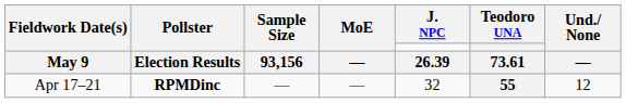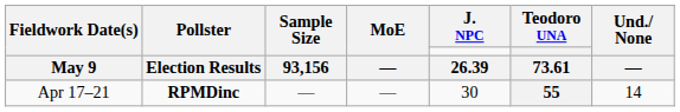 <table class="wikitable" style="text-align:center;font-size:85%;line-height:14px">
 <tr>
 <th rowspan="2">Fieldwork Date(s)</th>
 <th rowspan="2">Pollster</th>
 <th rowspan="2" style="width:60px;">Sample Size</th>
 <th rowspan="2" style="width:60px;">MoE</th>
 <th style="width:60px;">J.<br><a href='#'><small>NPC</small></a></th>
 <th style="width:60px;">Teodoro<br><a href='#'><small>UNA</small></a></th>
 <th rowspan="2" style="width:60px;">Und./<br>None</th>
 </tr>
 <tr>
 <td style="background:"></td>
 <th style="background:"></th>
 </tr>
 <tr>
 <th>May 9</th>
 <th>Election Results</th>
 <th>93,156</th>
 <th>—</th>
 <th>26.39</th>
 <th style="background-color:#">73.61</th>
 <th>—</th>
 </tr>
 <tr>
 <td>Apr 17–21</td>
 <td><strong>RPMDinc</strong></td>
 <td>—</td>
 <td>—</td>
-<td>32</td>
+<td>30</td>
 <th style="background-color:#">55</th>
-<td>12</td>
+<td>14</td>
 </tr>
 </table>
